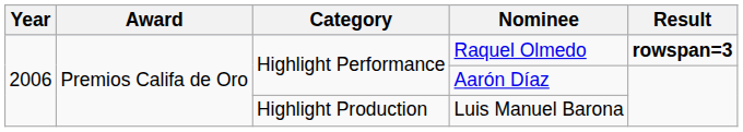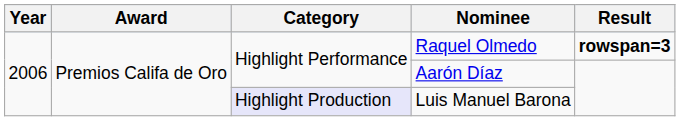 <table class="wikitable">
 <tr style="background:#b0c4de;">
 <th>Year</th>
 <th>Award</th>
 <th>Category</th>
 <th>Nominee</th>
 <th>Result</th>
 </tr>
 <tr>
 <td rowspan=3>2006</td>
 <td rowspan=3>Premios Califa de Oro</td>
 <td rowspan=2>Highlight Performance</td>
 <td><a href='#'>Raquel Olmedo</a></td>
 <td><strong>rowspan=3 </strong></td>
 </tr>
 <tr>
 <td><a href='#'>Aarón Díaz</a></td>
 </tr>
 <tr>
-<td>Highlight Production</td>
+<td style="background: lavender;">Highlight Production</td>
 <td>Luis Manuel Barona</td>
 </tr>
 </table>
